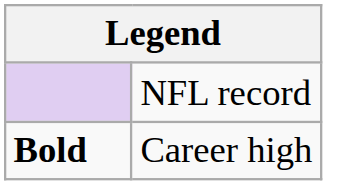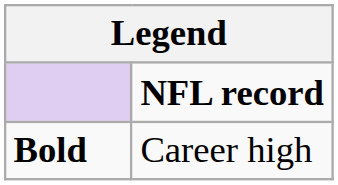 <table class="wikitable mw-collapsible">
 <tr>
 <th colspan="2">Legend</th>
 </tr>
 <tr>
 <td style="background:#e0cef2; width:3em;"></td>
-<td>NFL record</td>
+<td><strong>NFL record</strong></td>
 </tr>
 <tr>
 <td><strong>Bold</strong></td>
 <td>Career high</td>
 </tr>
 </table>
